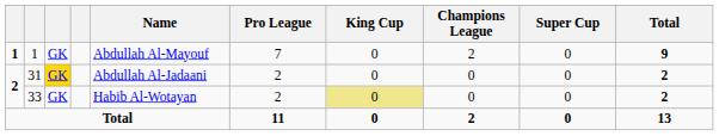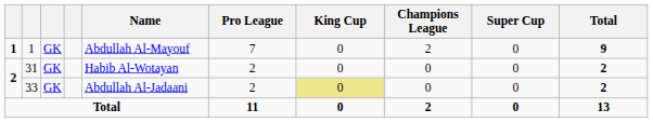 <table class="wikitable" style="text-align:center">
 <tr>
 <th width=15></th>
 <th width=15></th>
 <th width=15></th>
 <th width=15></th>
 <th width=155>Name</th>
 <th width=105>Pro League</th>
 <th width=105>King Cup</th>
 <th width=105>Champions League</th>
 <th width=105>Super Cup</th>
 <th width=105>Total</th>
 </tr>
 <tr>
 <td><strong>1</strong></td>
 <td>1</td>
 <td><a href='#'>GK</a></td>
 <td></td>
 <td align=left><a href='#'>Abdullah Al-Mayouf</a></td>
 <td>7</td>
 <td>0</td>
 <td>2</td>
 <td>0</td>
 <td><strong>9</strong></td>
 </tr>
 <tr>
 <td rowspan=2><strong>2</strong></td>
 <td>31</td>
-<td style="background: gold;"><a href='#'>GK</a></td>
+<td><a href='#'>GK</a></td>
 <td></td>
-<td align=left><a href='#'>Abdullah Al-Jadaani</a></td>
+<td align=left><a href='#'>Habib Al-Wotayan</a></td>
 <td>2</td>
 <td>0</td>
 <td>0</td>
 <td>0</td>
 <td><strong>2</strong></td>
 </tr>
 <tr>
 <td>33</td>
 <td><a href='#'>GK</a></td>
 <td></td>
-<td align=left><a href='#'>Habib Al-Wotayan</a></td>
+<td align=left><a href='#'>Abdullah Al-Jadaani</a></td>
 <td>2</td>
 <td style="background: khaki;">0</td>
 <td>0</td>
 <td>0</td>
 <td><strong>2</strong></td>
 </tr>
 <tr>
 <td colspan=5><strong>Total</strong></td>
 <td><strong>11</strong></td>
 <td><strong>0</strong></td>
 <td><strong>2</strong></td>
 <td><strong>0</strong></td>
 <td><strong>13</strong></td>
 </tr>
 </table>
